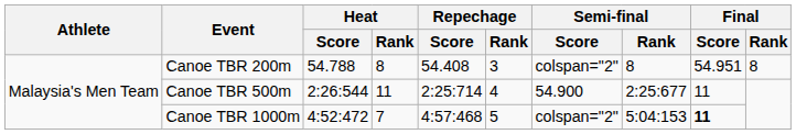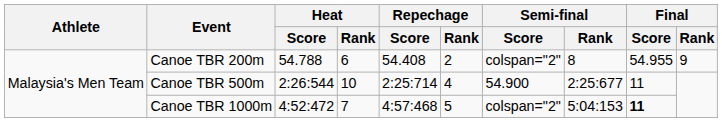 <table class="wikitable">
 <tr>
 <th rowspan="2">Athlete</th>
 <th rowspan="2">Event</th>
 <th colspan="2">Heat</th>
 <th colspan="2">Repechage</th>
 <th colspan="2">Semi-final</th>
 <th colspan="2">Final</th>
 </tr>
 <tr>
 <th>Score</th>
 <th>Rank</th>
 <th>Score</th>
 <th>Rank</th>
 <th>Score</th>
 <th>Rank</th>
 <th>Score</th>
 <th>Rank</th>
 </tr>
 <tr>
 <td rowspan="3">Malaysia's Men Team</td>
 <td>Canoe TBR 200m</td>
 <td>54.788</td>
-<td>8</td>
+<td>6</td>
 <td>54.408</td>
-<td>3 <strong></strong></td>
+<td>2 <strong></strong></td>
 <td>colspan="2" </td>
 <td>8</td>
-<td>54.951</td>
-<td>8</td>
+<td>54.955</td>
+<td>9</td>
 </tr>
 <tr>
 <td>Canoe TBR 500m</td>
 <td>2:26:544</td>
-<td>11</td>
+<td>10</td>
 <td>2:25:714</td>
 <td>4 <strong></strong></td>
 <td>54.900</td>
 <td>2:25:677</td>
 <td>11</td>
 </tr>
 <tr>
 <td>Canoe TBR 1000m</td>
 <td>4:52:472</td>
 <td>7</td>
 <td>4:57:468</td>
 <td>5 <strong></strong></td>
 <td>colspan="2" </td>
 <td>5:04:153</td>
 <td><strong>11</strong></td>
 </tr>
 </table>
